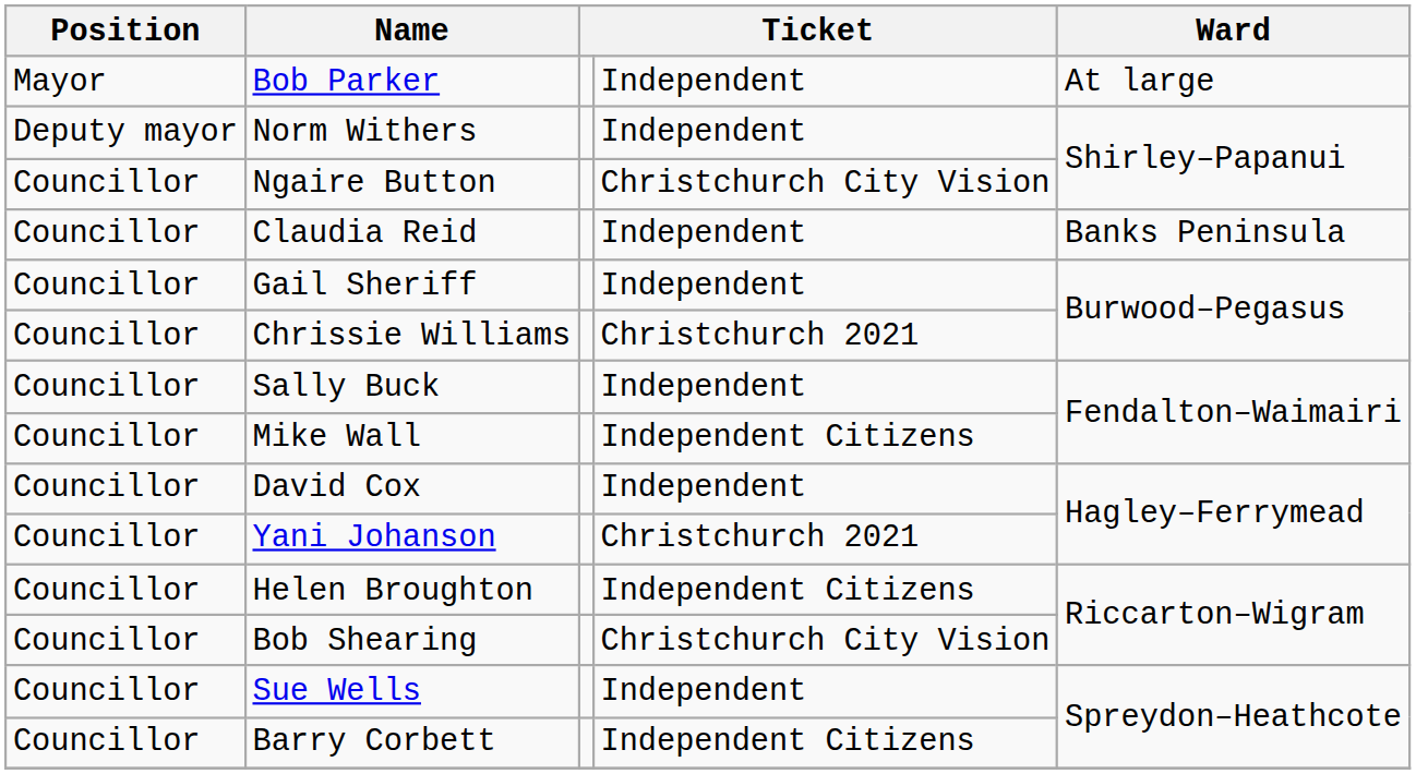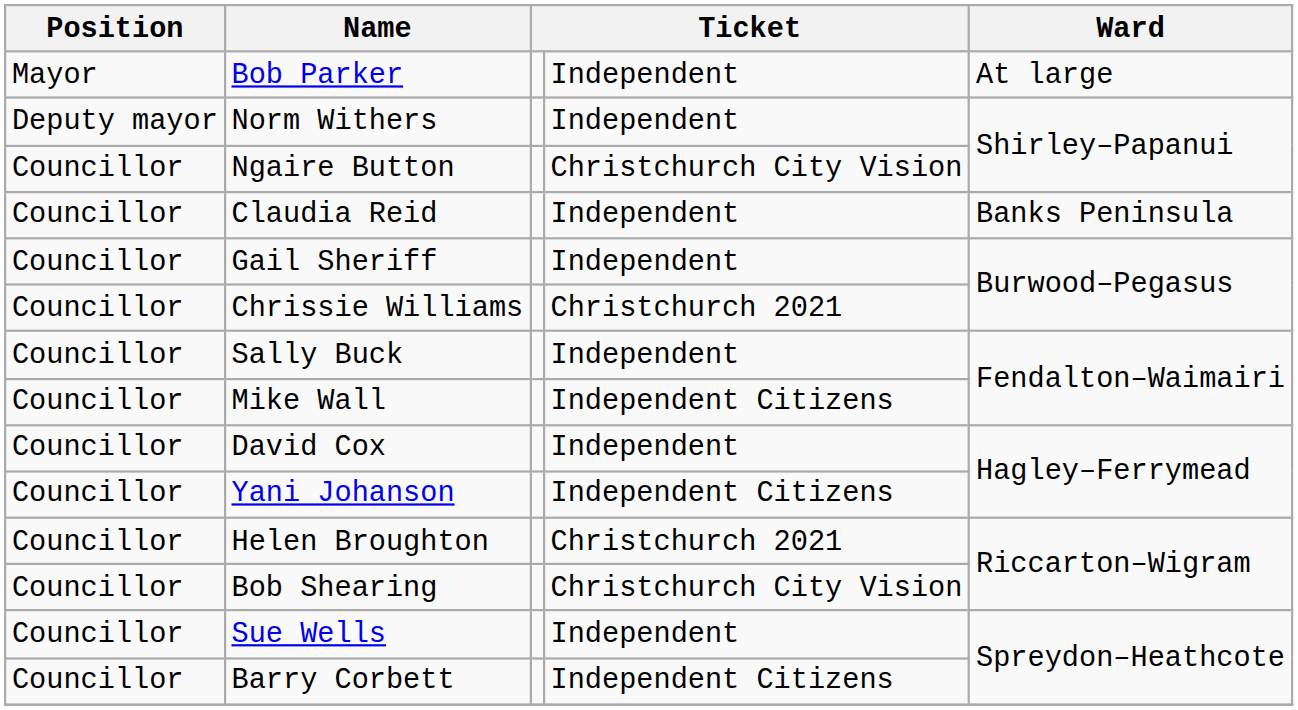 <table class="wikitable" border="1">
 <tr>
 <th>Position</th>
 <th>Name</th>
 <th Colspan=2>Ticket</th>
 <th>Ward</th>
 </tr>
 <tr>
 <td>Mayor</td>
 <td><a href='#'>Bob Parker</a></td>
 <td></td>
 <td>Independent</td>
 <td>At large</td>
 </tr>
 <tr>
 <td>Deputy mayor</td>
 <td>Norm Withers</td>
 <td></td>
 <td>Independent</td>
 <td rowspan=2>Shirley–Papanui</td>
 </tr>
 <tr>
 <td>Councillor</td>
 <td>Ngaire Button</td>
 <td></td>
 <td>Christchurch City Vision</td>
 </tr>
 <tr>
 <td>Councillor</td>
 <td>Claudia Reid</td>
 <td></td>
 <td>Independent</td>
 <td>Banks Peninsula</td>
 </tr>
 <tr>
 <td>Councillor</td>
 <td>Gail Sheriff</td>
 <td></td>
 <td>Independent</td>
 <td rowspan=2>Burwood–Pegasus</td>
 </tr>
 <tr>
 <td>Councillor</td>
 <td>Chrissie Williams</td>
 <td></td>
 <td>Christchurch 2021</td>
 </tr>
 <tr>
 <td>Councillor</td>
 <td>Sally Buck</td>
 <td></td>
 <td>Independent</td>
 <td rowspan=2>Fendalton–Waimairi</td>
 </tr>
 <tr>
 <td>Councillor</td>
 <td>Mike Wall</td>
 <td></td>
 <td>Independent Citizens</td>
 </tr>
 <tr>
 <td>Councillor</td>
 <td>David Cox</td>
 <td></td>
 <td>Independent</td>
 <td rowspan=2>Hagley–Ferrymead</td>
 </tr>
 <tr>
 <td>Councillor</td>
 <td><a href='#'>Yani Johanson</a></td>
 <td></td>
-<td>Christchurch 2021</td>
+<td>Independent Citizens</td>
 </tr>
 <tr>
 <td>Councillor</td>
 <td>Helen Broughton</td>
 <td></td>
-<td>Independent Citizens</td>
+<td>Christchurch 2021</td>
 <td rowspan=2>Riccarton–Wigram</td>
 </tr>
 <tr>
 <td>Councillor</td>
 <td>Bob Shearing</td>
 <td></td>
 <td>Christchurch City Vision</td>
 </tr>
 <tr>
 <td>Councillor</td>
 <td><a href='#'>Sue Wells</a></td>
 <td></td>
 <td>Independent</td>
 <td rowspan=2>Spreydon–Heathcote</td>
 </tr>
 <tr>
 <td>Councillor</td>
 <td>Barry Corbett</td>
 <td></td>
 <td>Independent Citizens</td>
 </tr>
 <tr>
 </tr>
 </table>
